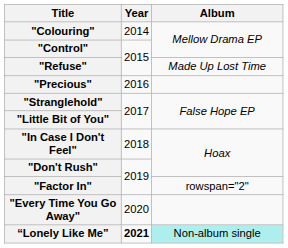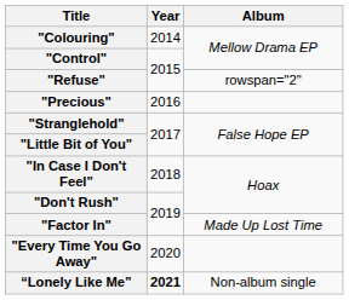 <table class="wikitable plainrowheaders" style="text-align:center;">
 <tr>
 <th scope="col" style="width:160px;">Title</th>
 <th scope="col">Year</th>
 <th scope="col" style="width:180px;">Album</th>
 </tr>
 <tr>
 <th scope="row">"Colouring"</th>
 <td>2014</td>
 <td rowspan="2"><em>Mellow Drama EP</em></td>
 </tr>
 <tr>
 <th scope="row">"Control"</th>
 <td rowspan="2">2015</td>
 </tr>
 <tr>
 <th scope="row">"Refuse"</th>
-<td><em>Made Up Lost Time</em></td>
+<td>rowspan="2" </td>
 </tr>
 <tr>
 <th scope="row">"Precious"</th>
 <td>2016</td>
 </tr>
 <tr>
 <th scope="row">"Stranglehold"</th>
 <td rowspan="2">2017</td>
 <td rowspan="2"><em>False Hope EP</em></td>
 </tr>
 <tr>
 <th scope="row">"Little Bit of You"</th>
 </tr>
 <tr>
 <th scope="row">"In Case I Don't Feel"</th>
 <td>2018</td>
 <td rowspan="2"><em>Hoax</em></td>
 </tr>
 <tr>
 <th scope="row">"Don't Rush"</th>
 <td rowspan="2">2019</td>
 </tr>
 <tr>
 <th scope="row">"Factor In"</th>
-<td>rowspan="2" </td>
+<td><em>Made Up Lost Time</em></td>
 </tr>
 <tr>
 <th scope="row">"Every Time You Go Away"<br></th>
 <td>2020</td>
 <td></td>
 </tr>
 <tr>
 <th>“Lonely Like Me”</th>
 <td><strong>2021</strong></td>
-<td style="background: paleturquoise;">Non-album single</td>
+<td>Non-album single</td>
 </tr>
 </table>
